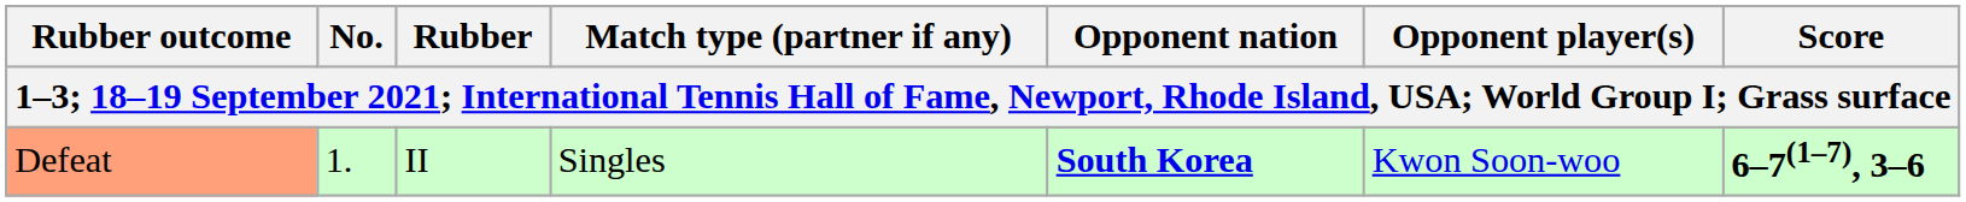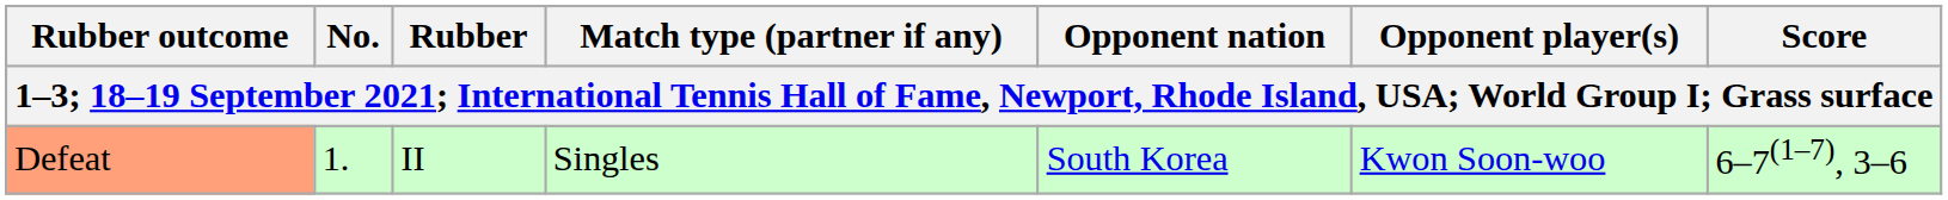 <table class="wikitable" style="font-size:90%">
 <tr>
 <th>Rubber outcome</th>
 <th>No.</th>
 <th>Rubber</th>
 <th>Match type (partner if any)</th>
 <th>Opponent nation</th>
 <th>Opponent player(s)</th>
 <th>Score</th>
 </tr>
 <tr>
 <th colspan=7>1–3; <a href='#'>18–19 September 2021</a>; <a href='#'>International Tennis Hall of Fame</a>, <a href='#'>Newport, Rhode Island</a>, USA; World Group I; Grass surface</th>
 </tr>
 <tr style="background:#cfc;">
 <td bgcolor=FFA07A>Defeat</td>
 <td>1.</td>
 <td>II</td>
 <td>Singles</td>
-<td><strong> <a href='#'>South Korea</a></strong></td>
+<td> <a href='#'>South Korea</a></td>
 <td><a href='#'>Kwon Soon-woo</a></td>
-<td><strong>6–7<sup>(1–7)</sup>, 3–6</strong></td>
+<td>6–7<sup>(1–7)</sup>, 3–6</td>
 </tr>
 </table>
